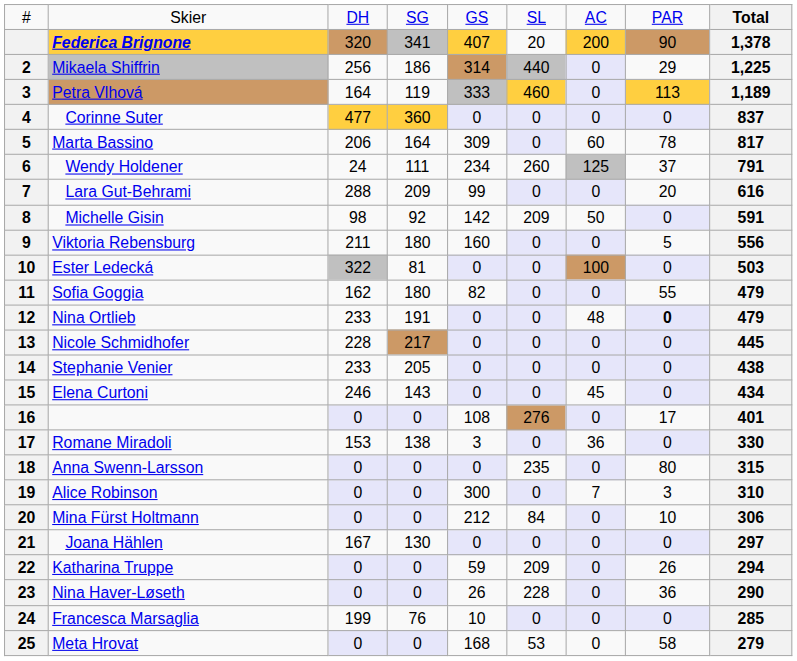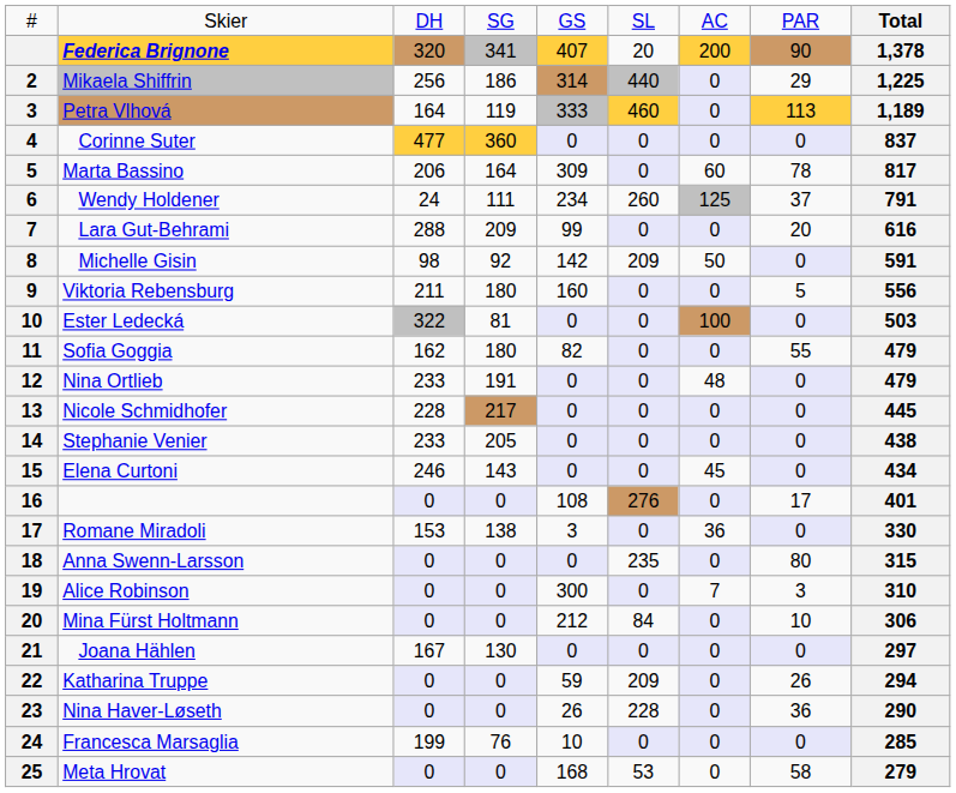 <table class="wikitable" width=60% style="font-size:95%; text-align:center;">
 <tr>
 <td>#</td>
 <td>Skier</td>
 <td><a href='#'>DH</a><br></td>
 <td><a href='#'>SG</a><br></td>
 <td><a href='#'>GS</a><br></td>
 <td><a href='#'>SL</a><br></td>
 <td><a href='#'>AC</a><br></td>
 <td> <a href='#'>PAR</a> <br></td>
 <th>Total</th>
 </tr>
 <tr>
 <th></th>
 <td align=left bgcolor=ffcf40> <strong><em><a href='#'>Federica Brignone</a></em></strong></td>
 <td bgcolor=cc9966>320</td>
 <td bgcolor=c0c0c0>341</td>
 <td bgcolor=ffcf40>407</td>
 <td>20</td>
 <td bgcolor=ffcf40>200</td>
 <td bgcolor=cc9966>90</td>
 <th>1,378</th>
 </tr>
 <tr>
 <th>2</th>
 <td align=left bgcolor=c0c0c0> <a href='#'>Mikaela Shiffrin</a></td>
 <td>256</td>
 <td>186</td>
 <td bgcolor=cc9966>314</td>
 <td bgcolor=c0c0c0>440</td>
 <td bgcolor=lavender>0</td>
 <td>29</td>
 <th>1,225</th>
 </tr>
 <tr>
 <th>3</th>
 <td align=left bgcolor=cc9966> <a href='#'>Petra Vlhová</a></td>
 <td>164</td>
 <td>119</td>
 <td bgcolor=c0c0c0>333</td>
 <td bgcolor=ffcf40>460</td>
 <td bgcolor=lavender>0</td>
 <td bgcolor=ffcf40>113</td>
 <th>1,189</th>
 </tr>
 <tr>
 <th>4</th>
 <td align=left>   <a href='#'>Corinne Suter</a></td>
 <td bgcolor=ffcf40>477</td>
 <td bgcolor=ffcf40>360</td>
 <td bgcolor=lavender>0</td>
 <td bgcolor=lavender>0</td>
 <td bgcolor=lavender>0</td>
 <td bgcolor=lavender>0</td>
 <th>837</th>
 </tr>
 <tr>
 <th>5</th>
 <td align=left> <a href='#'>Marta Bassino</a></td>
 <td>206</td>
 <td>164</td>
 <td>309</td>
 <td bgcolor=lavender>0</td>
 <td>60</td>
 <td>78</td>
 <th>817</th>
 </tr>
 <tr>
 <th>6</th>
 <td align=left>   <a href='#'>Wendy Holdener</a></td>
 <td>24</td>
 <td>111</td>
 <td>234</td>
 <td>260</td>
 <td bgcolor=c0c0c0>125</td>
 <td>37</td>
 <th>791</th>
 </tr>
 <tr>
 <th>7</th>
 <td align=left>   <a href='#'>Lara Gut-Behrami</a></td>
 <td>288</td>
 <td>209</td>
 <td>99</td>
 <td bgcolor=lavender>0</td>
 <td bgcolor=lavender>0</td>
 <td>20</td>
 <th>616</th>
 </tr>
 <tr>
 <th>8</th>
 <td align=left>   <a href='#'>Michelle Gisin</a></td>
 <td>98</td>
 <td>92</td>
 <td>142</td>
 <td>209</td>
 <td>50</td>
 <td bgcolor=lavender>0</td>
 <th>591</th>
 </tr>
 <tr>
 <th>9</th>
 <td align=left> <a href='#'>Viktoria Rebensburg</a></td>
 <td>211</td>
 <td>180</td>
 <td>160</td>
 <td bgcolor=lavender>0</td>
 <td bgcolor=lavender>0</td>
 <td>5</td>
 <th>556</th>
 </tr>
 <tr>
 <th>10</th>
 <td align=left> <a href='#'>Ester Ledecká</a></td>
 <td bgcolor=c0c0c0>322</td>
 <td>81</td>
 <td bgcolor=lavender>0</td>
 <td bgcolor=lavender>0</td>
 <td bgcolor=cc9966>100</td>
 <td bgcolor=lavender>0</td>
 <th>503</th>
 </tr>
 <tr>
 <th>11</th>
 <td align=left> <a href='#'>Sofia Goggia</a></td>
 <td>162</td>
 <td>180</td>
 <td>82</td>
 <td bgcolor=lavender>0</td>
 <td bgcolor=lavender>0</td>
 <td>55</td>
 <th>479</th>
 </tr>
 <tr>
 <th>12</th>
 <td align=left> <a href='#'>Nina Ortlieb</a></td>
 <td>233</td>
 <td>191</td>
 <td bgcolor=lavender>0</td>
 <td bgcolor=lavender>0</td>
 <td>48</td>
-<td bgcolor=lavender><strong>0</strong></td>
+<td bgcolor=lavender>0</td>
 <th>479</th>
 </tr>
 <tr>
 <th>13</th>
 <td align=left> <a href='#'>Nicole Schmidhofer</a></td>
 <td>228</td>
 <td bgcolor=cc9966>217</td>
 <td bgcolor=lavender>0</td>
 <td bgcolor=lavender>0</td>
 <td bgcolor=lavender>0</td>
 <td bgcolor=lavender>0</td>
 <th>445</th>
 </tr>
 <tr>
 <th>14</th>
 <td align=left> <a href='#'>Stephanie Venier</a></td>
 <td>233</td>
 <td>205</td>
 <td bgcolor=lavender>0</td>
 <td bgcolor=lavender>0</td>
 <td bgcolor=lavender>0</td>
 <td bgcolor=lavender>0</td>
 <th>438</th>
 </tr>
 <tr>
 <th>15</th>
 <td align=left> <a href='#'>Elena Curtoni</a></td>
 <td>246</td>
 <td>143</td>
 <td bgcolor=lavender>0</td>
 <td bgcolor=lavender>0</td>
 <td>45</td>
 <td bgcolor=lavender>0</td>
 <th>434</th>
 </tr>
 <tr>
 <th>16</th>
 <td align=left></td>
 <td bgcolor=lavender>0</td>
 <td bgcolor=lavender>0</td>
 <td>108</td>
 <td bgcolor=cc9966>276</td>
 <td bgcolor=lavender>0</td>
 <td>17</td>
 <th>401</th>
 </tr>
 <tr>
 <th>17</th>
 <td align=left> <a href='#'>Romane Miradoli</a></td>
 <td>153</td>
 <td>138</td>
 <td>3</td>
 <td bgcolor=lavender>0</td>
 <td>36</td>
 <td bgcolor=lavender>0</td>
 <th>330</th>
 </tr>
 <tr>
 <th>18</th>
 <td align=left> <a href='#'>Anna Swenn-Larsson</a></td>
 <td bgcolor=lavender>0</td>
 <td bgcolor=lavender>0</td>
 <td bgcolor=lavender>0</td>
 <td>235</td>
 <td bgcolor=lavender>0</td>
 <td>80</td>
 <th>315</th>
 </tr>
 <tr>
 <th>19</th>
 <td align=left> <a href='#'>Alice Robinson</a></td>
 <td bgcolor=lavender>0</td>
 <td bgcolor=lavender>0</td>
 <td>300</td>
 <td bgcolor=lavender>0</td>
 <td>7</td>
 <td>3</td>
 <th>310</th>
 </tr>
 <tr>
 <th>20</th>
 <td align=left> <a href='#'>Mina Fürst Holtmann</a></td>
 <td bgcolor=lavender>0</td>
 <td bgcolor=lavender>0</td>
 <td>212</td>
 <td>84</td>
 <td bgcolor=lavender>0</td>
 <td>10</td>
 <th>306</th>
 </tr>
 <tr>
 <th>21</th>
 <td align=left>   <a href='#'>Joana Hählen</a></td>
 <td>167</td>
 <td>130</td>
 <td bgcolor=lavender>0</td>
 <td bgcolor=lavender>0</td>
 <td bgcolor=lavender>0</td>
 <td bgcolor=lavender>0</td>
 <th>297</th>
 </tr>
 <tr>
 <th>22</th>
 <td align=left> <a href='#'>Katharina Truppe</a></td>
 <td bgcolor=lavender>0</td>
 <td bgcolor=lavender>0</td>
 <td>59</td>
 <td>209</td>
 <td bgcolor=lavender>0</td>
 <td>26</td>
 <th>294</th>
 </tr>
 <tr>
 <th>23</th>
 <td align=left> <a href='#'>Nina Haver-Løseth</a></td>
 <td bgcolor=lavender>0</td>
 <td bgcolor=lavender>0</td>
 <td>26</td>
 <td>228</td>
 <td bgcolor=lavender>0</td>
 <td>36</td>
 <th>290</th>
 </tr>
 <tr>
 <th>24</th>
 <td align=left> <a href='#'>Francesca Marsaglia</a></td>
 <td>199</td>
 <td>76</td>
 <td>10</td>
 <td bgcolor=lavender>0</td>
 <td bgcolor=lavender>0</td>
 <td bgcolor=lavender>0</td>
 <th>285</th>
 </tr>
 <tr>
 <th>25</th>
 <td align=left> <a href='#'>Meta Hrovat</a></td>
 <td bgcolor=lavender>0</td>
 <td bgcolor=lavender>0</td>
 <td>168</td>
 <td>53</td>
 <td>0</td>
 <td>58</td>
 <th>279</th>
 </tr>
 </table>
